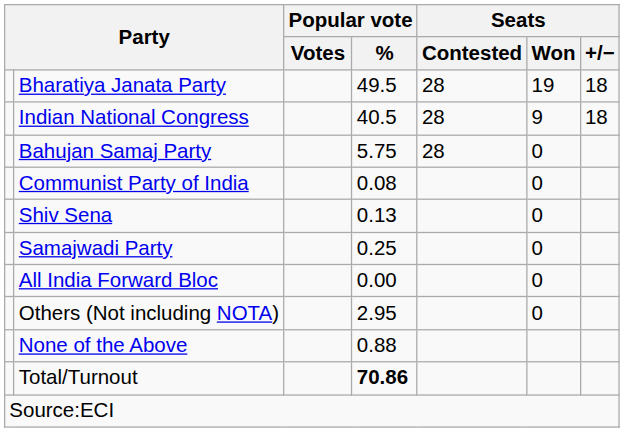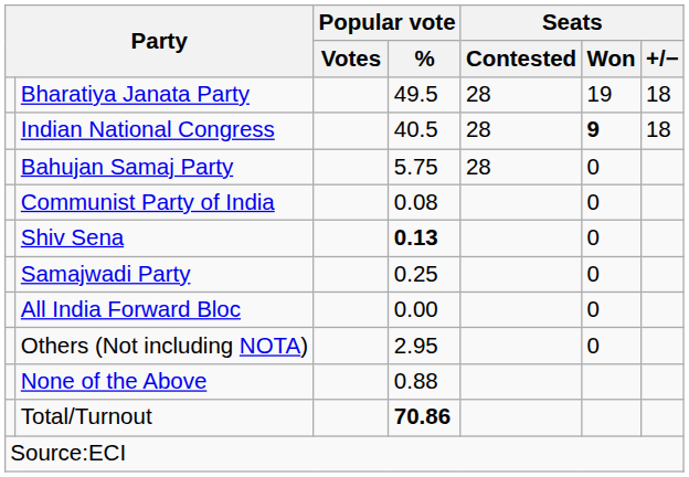 <table class="wikitable sortable">
 <tr>
 <th colspan="2" rowspan="2">Party</th>
 <th colspan="2">Popular vote</th>
 <th colspan="3">Seats</th>
 </tr>
 <tr>
 <th>Votes</th>
 <th>%</th>
 <th>Contested</th>
 <th>Won</th>
 <th><strong>+/−</strong></th>
 </tr>
 <tr>
 <td></td>
 <td><a href='#'>Bharatiya Janata Party</a></td>
 <td></td>
 <td>49.5</td>
 <td>28</td>
 <td>19</td>
 <td>18</td>
 </tr>
 <tr>
 <td></td>
 <td><a href='#'>Indian National Congress</a></td>
 <td></td>
 <td>40.5</td>
 <td>28</td>
-<td>9</td>
+<td><strong>9</strong></td>
 <td>18</td>
 </tr>
 <tr>
 <td></td>
 <td><a href='#'>Bahujan Samaj Party</a></td>
 <td></td>
 <td>5.75</td>
 <td>28</td>
 <td>0</td>
 <td></td>
 </tr>
 <tr>
 <td></td>
 <td><a href='#'>Communist Party of India</a></td>
 <td></td>
 <td>0.08</td>
 <td></td>
 <td>0</td>
 <td></td>
 </tr>
 <tr>
 <td></td>
 <td><a href='#'>Shiv Sena</a></td>
 <td></td>
-<td>0.13</td>
+<td><strong>0.13</strong></td>
 <td></td>
 <td>0</td>
 <td></td>
 </tr>
 <tr>
 <td></td>
 <td><a href='#'>Samajwadi Party</a></td>
 <td></td>
 <td>0.25</td>
 <td></td>
 <td>0</td>
 <td></td>
 </tr>
 <tr>
 <td></td>
 <td><a href='#'>All India Forward Bloc</a></td>
 <td></td>
 <td>0.00</td>
 <td></td>
 <td>0</td>
 <td></td>
 </tr>
 <tr>
 <td></td>
 <td>Others (Not including <a href='#'>NOTA</a>)</td>
 <td></td>
 <td>2.95</td>
 <td></td>
 <td>0</td>
 <td></td>
 </tr>
 <tr>
 <td></td>
 <td><a href='#'>None of the Above</a></td>
 <td></td>
 <td>0.88</td>
 <td></td>
 <td></td>
 <td></td>
 </tr>
 <tr class="sortbottom">
 <td></td>
 <td>Total/Turnout</td>
 <td><strong></strong></td>
 <td><strong>70.86</strong></td>
 <td></td>
 <td></td>
 <td></td>
 </tr>
 <tr class="sortbottom">
 <td colspan=7>Source:ECI</td>
 </tr>
 </table>
